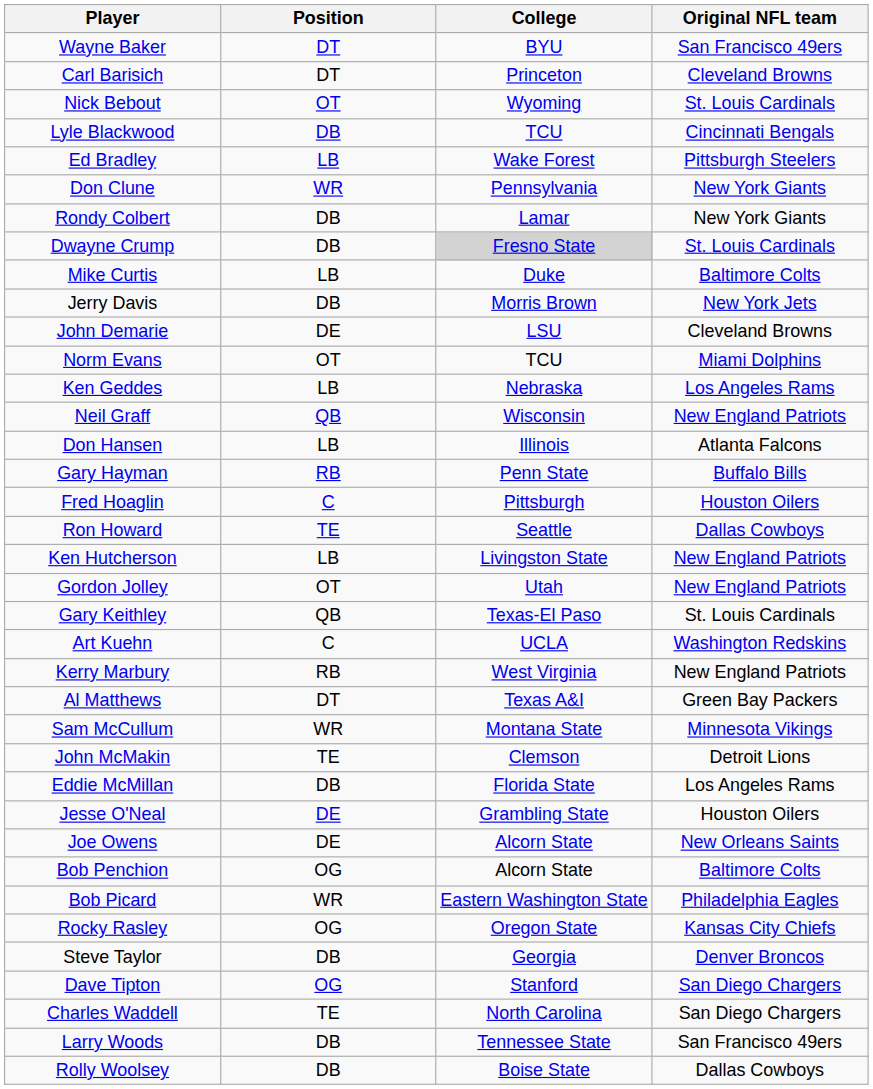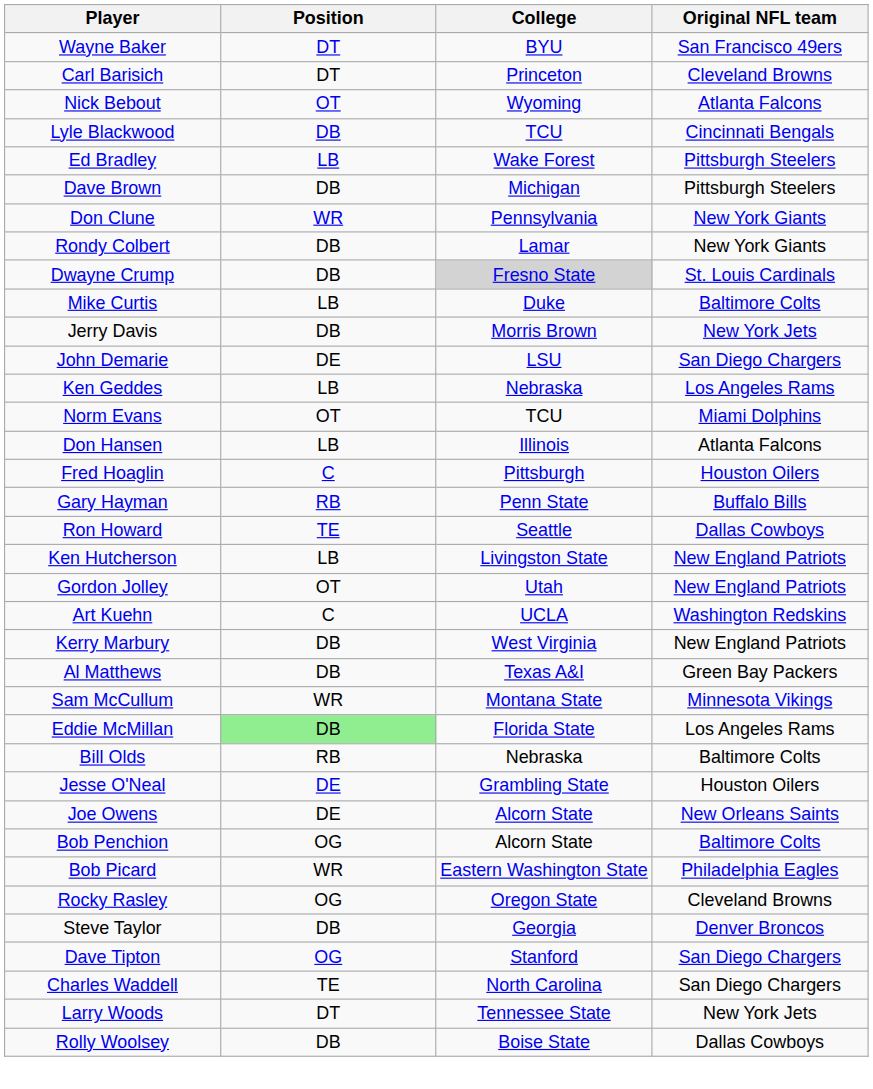 <table class="wikitable sortable sortable" style="text-align:center">
 <tr>
 <th width=25%>Player</th>
 <th width=25%>Position</th>
 <th width=25%>College</th>
 <th width=25%>Original NFL team</th>
 </tr>
 <tr>
 <td><a href='#'>Wayne Baker</a></td>
 <td><a href='#'>DT</a></td>
 <td><a href='#'>BYU</a></td>
 <td><a href='#'>San Francisco 49ers</a></td>
 </tr>
 <tr>
 <td><a href='#'>Carl Barisich</a></td>
 <td>DT</td>
 <td><a href='#'>Princeton</a></td>
 <td><a href='#'>Cleveland Browns</a></td>
 </tr>
 <tr>
 <td><a href='#'>Nick Bebout</a></td>
 <td><a href='#'>OT</a></td>
 <td><a href='#'>Wyoming</a></td>
-<td><a href='#'>St. Louis Cardinals</a></td>
+<td><a href='#'>Atlanta Falcons</a></td>
 </tr>
 <tr>
 <td><a href='#'>Lyle Blackwood</a></td>
 <td><a href='#'>DB</a></td>
 <td><a href='#'>TCU</a></td>
 <td><a href='#'>Cincinnati Bengals</a></td>
 </tr>
 <tr>
 <td><a href='#'>Ed Bradley</a></td>
 <td><a href='#'>LB</a></td>
 <td><a href='#'>Wake Forest</a></td>
 <td><a href='#'>Pittsburgh Steelers</a></td>
+</tr>
+<tr>
+<td><a href='#'>Dave Brown</a></td>
+<td>DB</td>
+<td><a href='#'>Michigan</a></td>
+<td>Pittsburgh Steelers</td>
 </tr>
 <tr>
 <td><a href='#'>Don Clune</a></td>
 <td><a href='#'>WR</a></td>
 <td><a href='#'>Pennsylvania</a></td>
 <td><a href='#'>New York Giants</a></td>
 </tr>
 <tr>
 <td><a href='#'>Rondy Colbert</a></td>
 <td>DB</td>
 <td><a href='#'>Lamar</a></td>
 <td>New York Giants</td>
 </tr>
 <tr>
 <td><a href='#'>Dwayne Crump</a></td>
 <td>DB</td>
 <td style="background: lightgrey;"><a href='#'>Fresno State</a></td>
 <td><a href='#'>St. Louis Cardinals</a></td>
 </tr>
 <tr>
 <td><a href='#'>Mike Curtis</a></td>
 <td>LB</td>
 <td><a href='#'>Duke</a></td>
 <td><a href='#'>Baltimore Colts</a></td>
 </tr>
 <tr>
 <td>Jerry Davis</td>
 <td>DB</td>
 <td><a href='#'>Morris Brown</a></td>
 <td><a href='#'>New York Jets</a></td>
 </tr>
 <tr>
 <td><a href='#'>John Demarie</a></td>
 <td>DE</td>
 <td><a href='#'>LSU</a></td>
-<td>Cleveland Browns</td>
+<td><a href='#'>San Diego Chargers</a></td>
+</tr>
+<tr>
+<td><a href='#'>Ken Geddes</a></td>
+<td>LB</td>
+<td><a href='#'>Nebraska</a></td>
+<td><a href='#'>Los Angeles Rams</a></td>
 </tr>
 <tr>
 <td><a href='#'>Norm Evans</a></td>
 <td>OT</td>
 <td>TCU</td>
 <td><a href='#'>Miami Dolphins</a></td>
 </tr>
 <tr>
-<td><a href='#'>Ken Geddes</a></td>
-<td>LB</td>
-<td><a href='#'>Nebraska</a></td>
-<td><a href='#'>Los Angeles Rams</a></td>
-</tr>
-<tr>
-<td><a href='#'>Neil Graff</a></td>
-<td><a href='#'>QB</a></td>
-<td><a href='#'>Wisconsin</a></td>
-<td><a href='#'>New England Patriots</a></td>
-</tr>
-<tr>
 <td><a href='#'>Don Hansen</a></td>
 <td>LB</td>
 <td><a href='#'>Illinois</a></td>
 <td>Atlanta Falcons</td>
 </tr>
 <tr>
+<td><a href='#'>Fred Hoaglin</a></td>
+<td><a href='#'>C</a></td>
+<td><a href='#'>Pittsburgh</a></td>
+<td><a href='#'>Houston Oilers</a></td>
+</tr>
+<tr>
 <td><a href='#'>Gary Hayman</a></td>
 <td><a href='#'>RB</a></td>
 <td><a href='#'>Penn State</a></td>
 <td><a href='#'>Buffalo Bills</a></td>
-</tr>
-<tr>
-<td><a href='#'>Fred Hoaglin</a></td>
-<td><a href='#'>C</a></td>
-<td><a href='#'>Pittsburgh</a></td>
-<td><a href='#'>Houston Oilers</a></td>
 </tr>
 <tr>
 <td><a href='#'>Ron Howard</a></td>
 <td><a href='#'>TE</a></td>
 <td><a href='#'>Seattle</a></td>
 <td><a href='#'>Dallas Cowboys</a></td>
 </tr>
 <tr>
 <td><a href='#'>Ken Hutcherson</a></td>
 <td>LB</td>
 <td><a href='#'>Livingston State</a></td>
 <td><a href='#'>New England Patriots</a></td>
 </tr>
 <tr>
 <td><a href='#'>Gordon Jolley</a></td>
 <td>OT</td>
 <td><a href='#'>Utah</a></td>
 <td><a href='#'>New England Patriots</a></td>
 </tr>
 <tr>
-<td><a href='#'>Gary Keithley</a></td>
-<td>QB</td>
-<td><a href='#'>Texas-El Paso</a></td>
-<td>St. Louis Cardinals</td>
-</tr>
-<tr>
 <td><a href='#'>Art Kuehn</a></td>
 <td>C</td>
 <td><a href='#'>UCLA</a></td>
 <td><a href='#'>Washington Redskins</a></td>
 </tr>
 <tr>
 <td><a href='#'>Kerry Marbury</a></td>
-<td>RB</td>
+<td>DB</td>
 <td><a href='#'>West Virginia</a></td>
 <td>New England Patriots</td>
 </tr>
 <tr>
 <td><a href='#'>Al Matthews</a></td>
-<td>DT</td>
+<td>DB</td>
 <td><a href='#'>Texas A&I</a></td>
 <td>Green Bay Packers</td>
 </tr>
 <tr>
 <td><a href='#'>Sam McCullum</a></td>
 <td>WR</td>
 <td><a href='#'>Montana State</a></td>
 <td><a href='#'>Minnesota Vikings</a></td>
 </tr>
 <tr>
-<td><a href='#'>John McMakin</a></td>
-<td>TE</td>
-<td><a href='#'>Clemson</a></td>
-<td>Detroit Lions</td>
+<td><a href='#'>Eddie McMillan</a></td>
+<td style="background: lightgreen;">DB</td>
+<td><a href='#'>Florida State</a></td>
+<td>Los Angeles Rams</td>
 </tr>
 <tr>
-<td><a href='#'>Eddie McMillan</a></td>
-<td>DB</td>
-<td><a href='#'>Florida State</a></td>
-<td>Los Angeles Rams</td>
+<td><a href='#'>Bill Olds</a></td>
+<td>RB</td>
+<td>Nebraska</td>
+<td>Baltimore Colts</td>
 </tr>
 <tr>
 <td><a href='#'>Jesse O'Neal</a></td>
 <td><a href='#'>DE</a></td>
 <td><a href='#'>Grambling State</a></td>
 <td>Houston Oilers</td>
 </tr>
 <tr>
 <td><a href='#'>Joe Owens</a></td>
 <td>DE</td>
 <td><a href='#'>Alcorn State</a></td>
 <td><a href='#'>New Orleans Saints</a></td>
 </tr>
 <tr>
 <td><a href='#'>Bob Penchion</a></td>
 <td>OG</td>
 <td>Alcorn State</td>
 <td><a href='#'>Baltimore Colts</a></td>
 </tr>
 <tr>
 <td><a href='#'>Bob Picard</a></td>
 <td>WR</td>
 <td><a href='#'>Eastern Washington State</a></td>
 <td><a href='#'>Philadelphia Eagles</a></td>
 </tr>
 <tr>
 <td><a href='#'>Rocky Rasley</a></td>
 <td>OG</td>
 <td><a href='#'>Oregon State</a></td>
-<td><a href='#'>Kansas City Chiefs</a></td>
+<td>Cleveland Browns</td>
 </tr>
 <tr>
 <td>Steve Taylor</td>
 <td>DB</td>
 <td><a href='#'>Georgia</a></td>
 <td><a href='#'>Denver Broncos</a></td>
 </tr>
 <tr>
 <td><a href='#'>Dave Tipton</a></td>
 <td><a href='#'>OG</a></td>
 <td><a href='#'>Stanford</a></td>
 <td><a href='#'>San Diego Chargers</a></td>
 </tr>
 <tr>
 <td><a href='#'>Charles Waddell</a></td>
 <td>TE</td>
 <td><a href='#'>North Carolina</a></td>
 <td>San Diego Chargers</td>
 </tr>
 <tr>
 <td><a href='#'>Larry Woods</a></td>
-<td>DB</td>
+<td>DT</td>
 <td><a href='#'>Tennessee State</a></td>
-<td>San Francisco 49ers</td>
+<td>New York Jets</td>
 </tr>
 <tr>
 <td><a href='#'>Rolly Woolsey</a></td>
 <td>DB</td>
 <td><a href='#'>Boise State</a></td>
 <td>Dallas Cowboys</td>
 </tr>
 </table>
